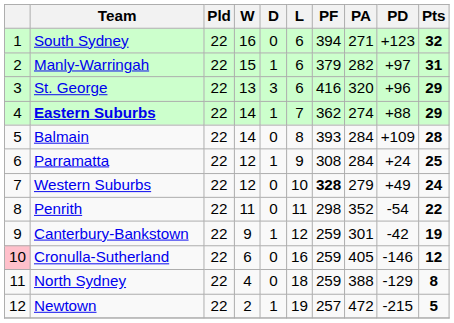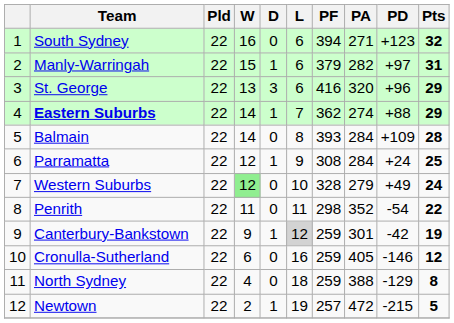 <table class="wikitable" style="text-align:center;">
 <tr>
 <th width=20 abbr="Position×"></th>
 <th width=175>Team</th>
 <th width=20 abbr="Played">Pld</th>
 <th width=20 abbr="Won">W</th>
 <th width=20 abbr="Drawn">D</th>
 <th width=20 abbr="Lost">L</th>
 <th width=20 abbr="Points for">PF</th>
 <th width=20 abbr="Points against">PA</th>
 <th width=20 abbr="Points difference">PD</th>
 <th width=20 abbr="Points">Pts</th>
 </tr>
 <tr style="background: #ccffcc;">
 <td>1</td>
 <td style="text-align:left;"> <a href='#'>South Sydney</a></td>
 <td>22</td>
 <td>16</td>
 <td>0</td>
 <td>6</td>
 <td>394</td>
 <td>271</td>
 <td>+123</td>
 <td><strong>32</strong></td>
 </tr>
 <tr style="background: #ccffcc;">
 <td>2</td>
 <td style="text-align:left;"> <a href='#'>Manly-Warringah</a></td>
 <td>22</td>
 <td>15</td>
 <td>1</td>
 <td>6</td>
 <td>379</td>
 <td>282</td>
 <td>+97</td>
 <td><strong>31</strong></td>
 </tr>
 <tr style="background: #ccffcc;">
 <td>3</td>
 <td style="text-align:left;"> <a href='#'>St. George</a></td>
 <td>22</td>
 <td>13</td>
 <td>3</td>
 <td>6</td>
 <td>416</td>
 <td>320</td>
 <td>+96</td>
 <td><strong>29</strong></td>
 </tr>
 <tr style="background: #ccffcc;">
 <td>4</td>
 <td style="text-align:left;"> <strong><a href='#'>Eastern Suburbs</a></strong></td>
 <td>22</td>
 <td>14</td>
 <td>1</td>
 <td>7</td>
 <td>362</td>
 <td>274</td>
 <td>+88</td>
 <td><strong>29</strong></td>
 </tr>
 <tr>
 <td>5</td>
 <td style="text-align:left;"> <a href='#'>Balmain</a></td>
 <td>22</td>
 <td>14</td>
 <td>0</td>
 <td>8</td>
 <td>393</td>
 <td>284</td>
 <td>+109</td>
 <td><strong>28</strong></td>
 </tr>
 <tr>
 <td>6</td>
 <td style="text-align:left;"> <a href='#'>Parramatta</a></td>
 <td>22</td>
 <td>12</td>
 <td>1</td>
 <td>9</td>
 <td>308</td>
 <td>284</td>
 <td>+24</td>
 <td><strong>25</strong></td>
 </tr>
 <tr>
 <td>7</td>
 <td style="text-align:left;"> <a href='#'>Western Suburbs</a></td>
 <td>22</td>
-<td>12</td>
+<td style="background: lightgreen;">12</td>
 <td>0</td>
 <td>10</td>
-<td><strong>328</strong></td>
+<td>328</td>
 <td>279</td>
 <td>+49</td>
 <td><strong>24</strong></td>
 </tr>
 <tr>
 <td>8</td>
 <td style="text-align:left;"> <a href='#'>Penrith</a></td>
 <td>22</td>
 <td>11</td>
 <td>0</td>
 <td>11</td>
 <td>298</td>
 <td>352</td>
 <td>-54</td>
 <td><strong>22</strong></td>
 </tr>
 <tr>
 <td>9</td>
 <td style="text-align:left;"> <a href='#'>Canterbury-Bankstown</a></td>
 <td>22</td>
 <td>9</td>
 <td>1</td>
-<td>12</td>
+<td style="background: lightgrey;">12</td>
 <td>259</td>
 <td>301</td>
 <td>-42</td>
 <td><strong>19</strong></td>
 </tr>
 <tr>
-<td style="background: pink;">10</td>
+<td>10</td>
 <td style="text-align:left;"> <a href='#'>Cronulla-Sutherland</a></td>
 <td>22</td>
 <td>6</td>
 <td>0</td>
 <td>16</td>
 <td>259</td>
 <td>405</td>
 <td>-146</td>
 <td><strong>12</strong></td>
 </tr>
 <tr>
 <td>11</td>
 <td style="text-align:left;"> <a href='#'>North Sydney</a></td>
 <td>22</td>
 <td>4</td>
 <td>0</td>
 <td>18</td>
 <td>259</td>
 <td>388</td>
 <td>-129</td>
 <td><strong>8</strong></td>
 </tr>
 <tr>
 <td>12</td>
 <td style="text-align:left;"> <a href='#'>Newtown</a></td>
 <td>22</td>
 <td>2</td>
 <td>1</td>
 <td>19</td>
 <td>257</td>
 <td>472</td>
 <td>-215</td>
 <td><strong>5</strong></td>
 </tr>
 <tr>
 </tr>
 </table>
